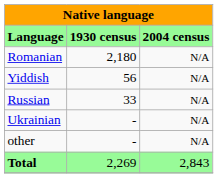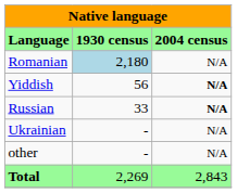 <table class="wikitable">
 <tr ---->
 <td colspan="3" align="center" bgcolor="#FFA500"><strong>Native language</strong></td>
 </tr>
 <tr ---->
 <td align="center" bgcolor="#98FB98"><strong>Language</strong></td>
 <td align="center" bgcolor="#98FB98"><strong>1930 census</strong></td>
 <td align="center" bgcolor="#98FB98"><strong>2004 census</strong></td>
 </tr>
 <tr ---->
 <td align=left><a href='#'>Romanian</a></td>
-<td align=right>2,180</td>
+<td align=right style="background: lightblue;">2,180</td>
 <td align=right><small>N/A</small></td>
 </tr>
 <tr ---->
 <td align=left><a href='#'>Yiddish</a></td>
 <td align=right>56</td>
-<td align=right><small>N/A</small></td>
+<td align=right><strong><small>N/A</small></strong></td>
 </tr>
 <tr ---->
 <td align=left><a href='#'>Russian</a></td>
 <td align=right>33</td>
-<td align=right><small>N/A</small></td>
+<td align=right><strong><small>N/A</small></strong></td>
 </tr>
 <tr ---->
 <td align=left><a href='#'>Ukrainian</a></td>
 <td align=right>-</td>
 <td align=right><small>N/A</small></td>
 </tr>
 <tr ---->
 <td align=left>other</td>
 <td align=right>-</td>
 <td align=right><small>N/A</small></td>
 </tr>
 <tr ---->
 <td align=left bgcolor="#98FB98"><strong>Total</strong></td>
 <td align=right bgcolor="#98FB98">2,269</td>
 <td align=right bgcolor="#98FB98">2,843</td>
 </tr>
 <tr ---->
 </tr>
 </table>
